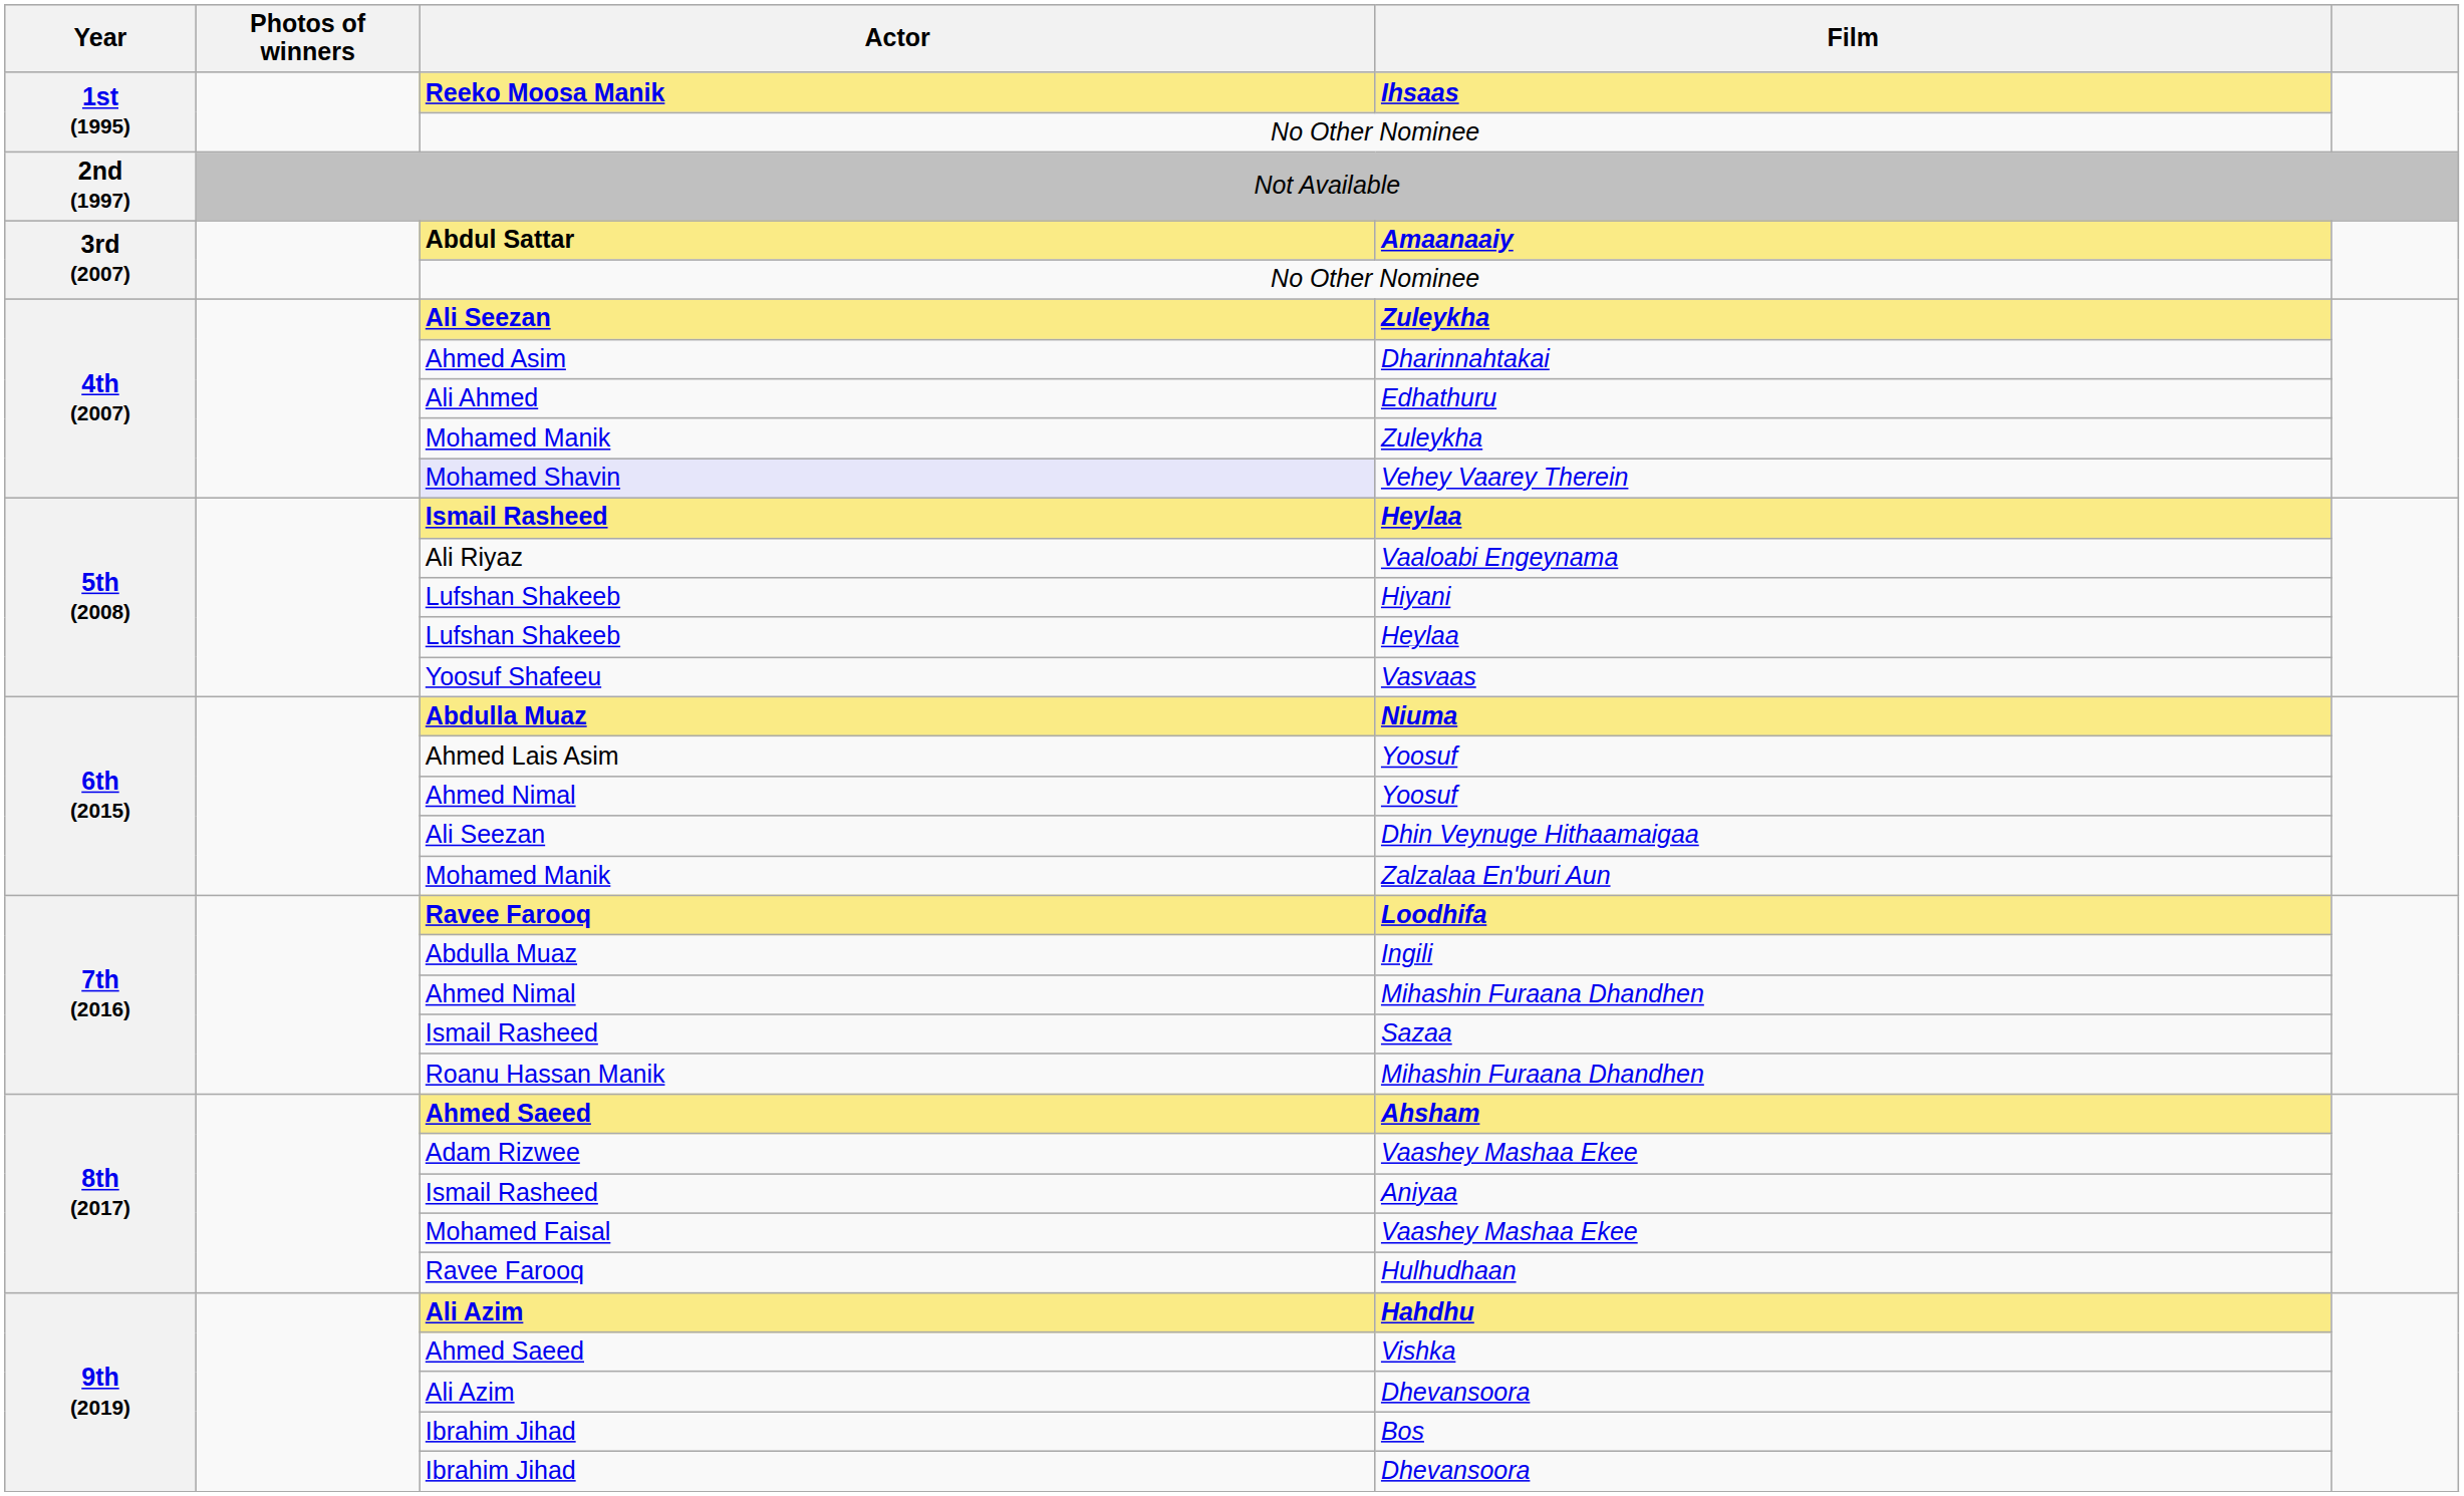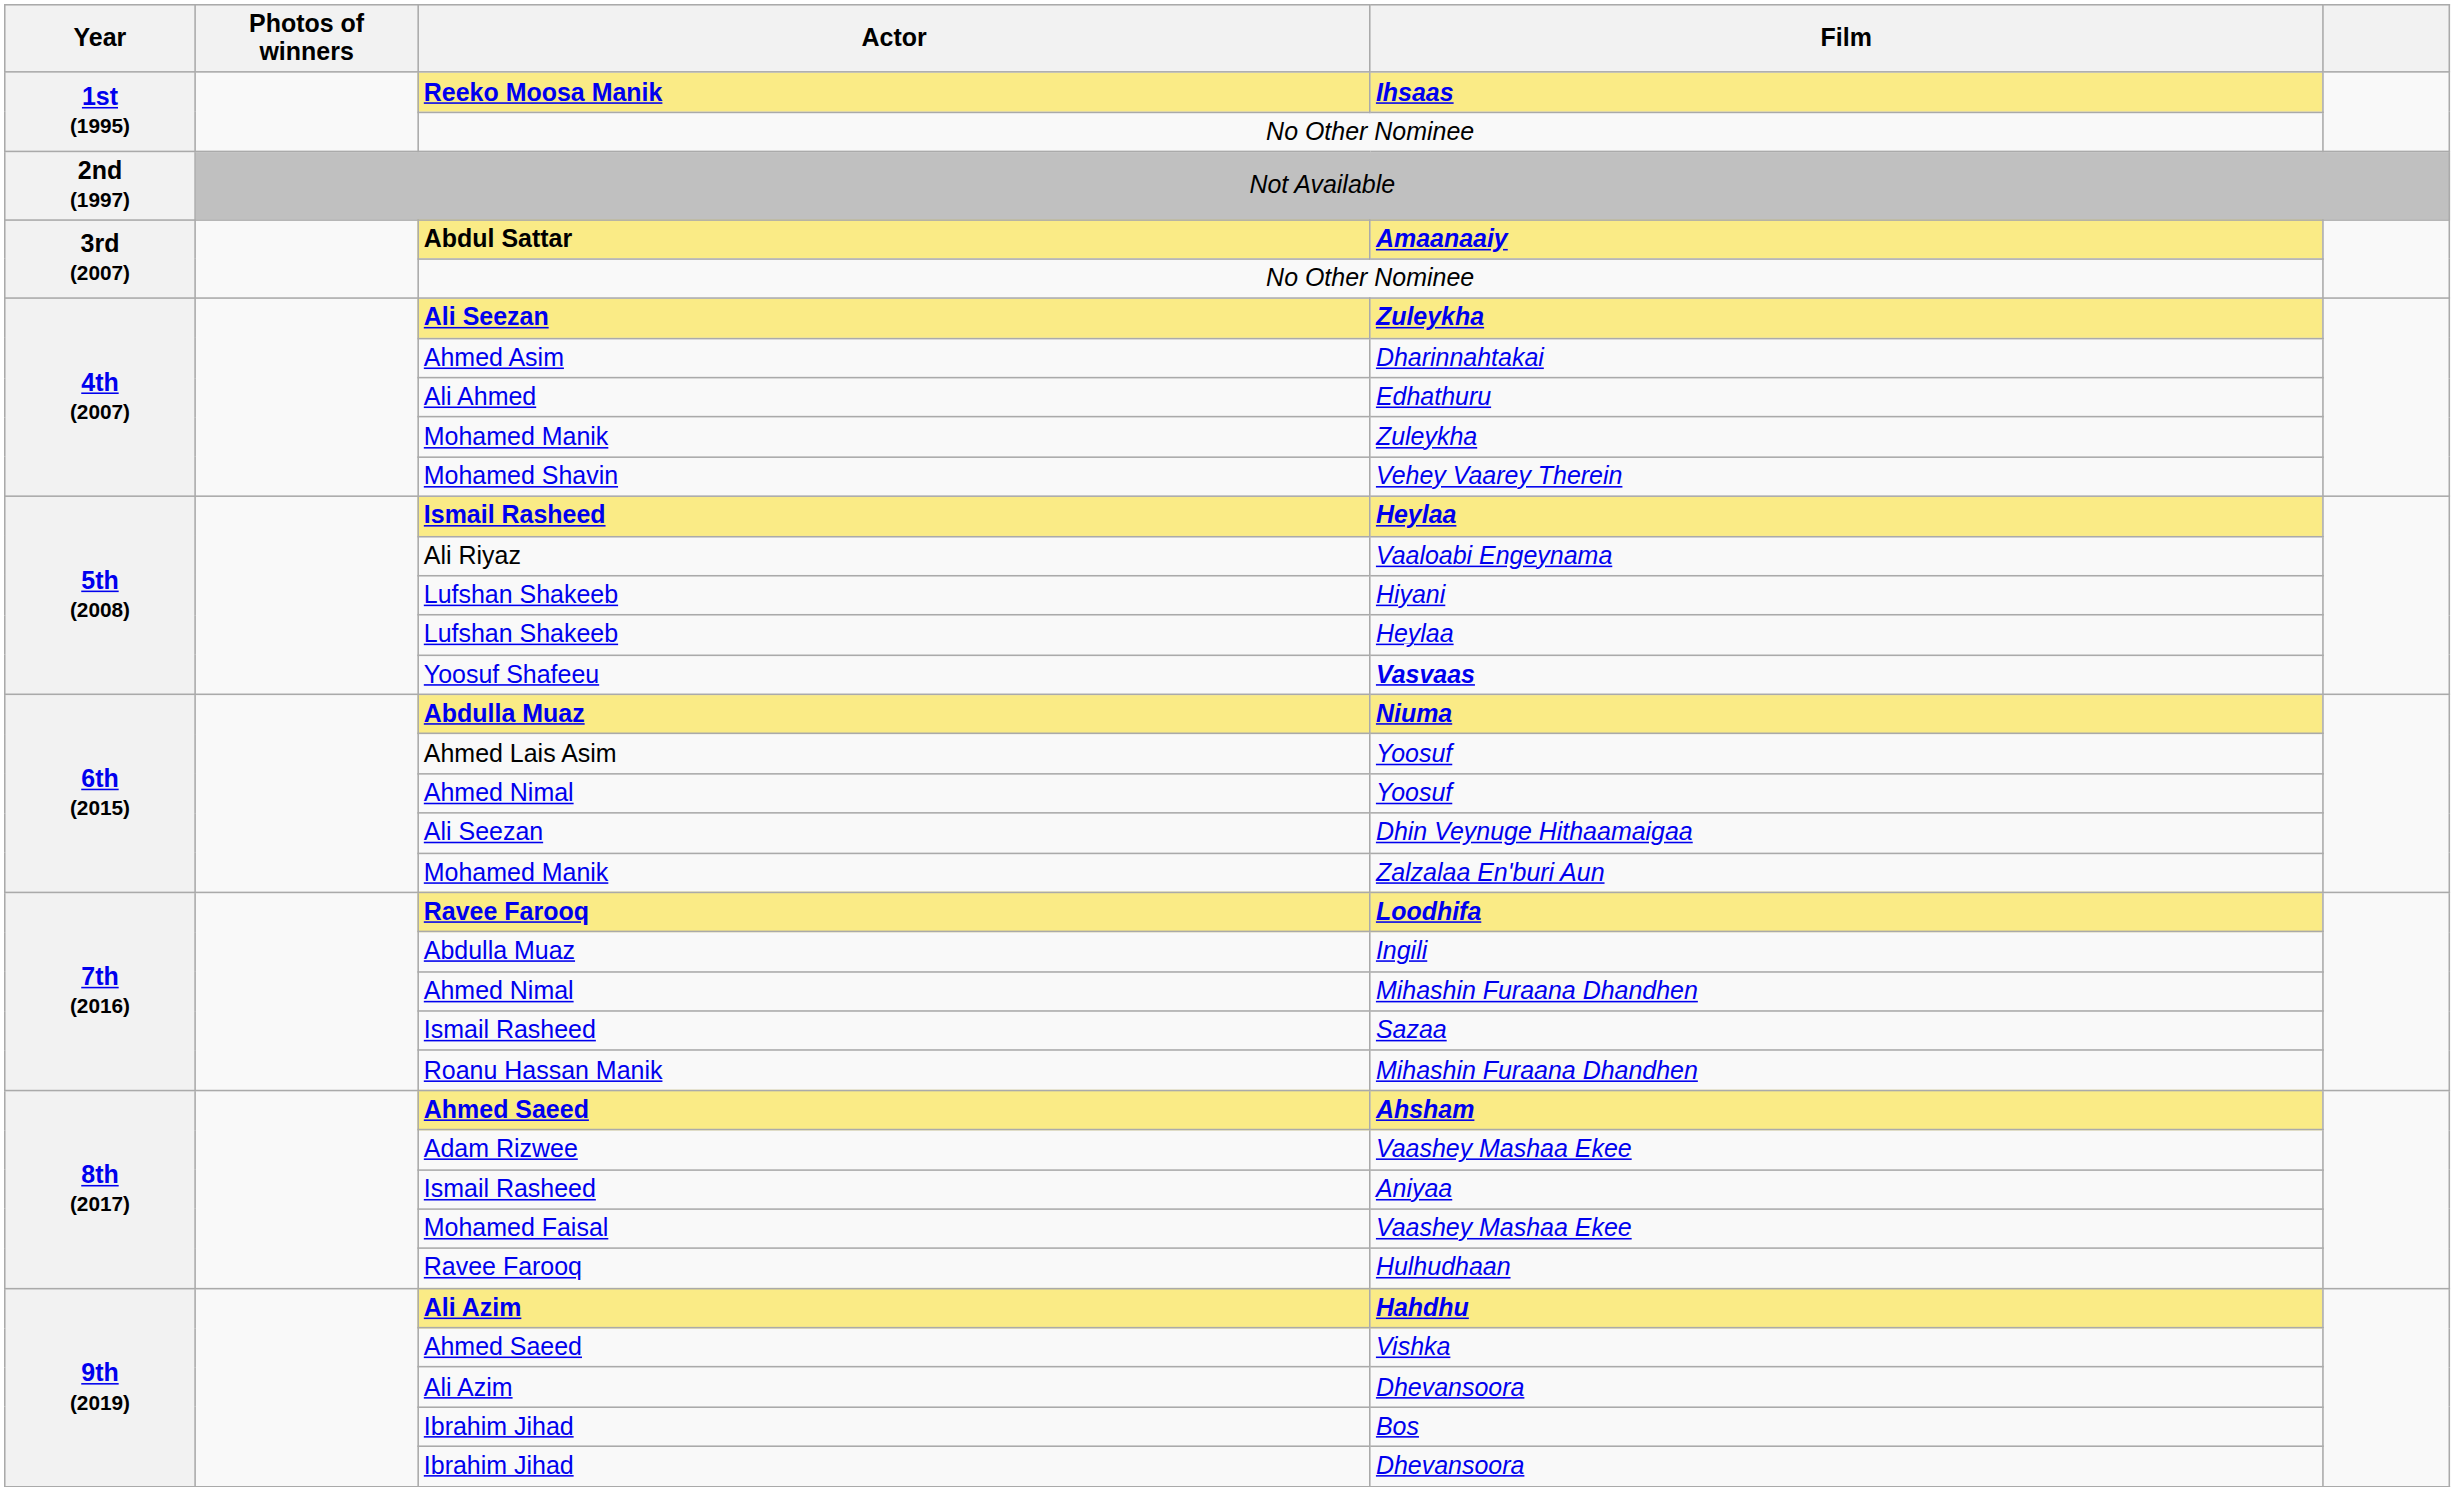 <table class="wikitable sortable" style="text-align:left;">
 <tr>
 <th scope="col" style="width:3%; text-align:center;">Year</th>
 <th scope="col" style="width:3%;text-align:center;">Photos of winners</th>
 <th scope="col" style="width:15%;text-align:center;">Actor</th>
 <th scope="col" style="width:15%;text-align:center;">Film</th>
 <th scope="col" style="width:2%" class="unsortable"></th>
 </tr>
 <tr>
 <th scope="row" rowspan=2 style="text-align:center"><a href='#'>1st</a><br><small>(1995)</small></th>
 <td rowspan=2 style="text-align:center"></td>
 <td style="background:#FAEB86;"><strong><a href='#'>Reeko Moosa Manik</a></strong></td>
 <td style="background:#FAEB86;"><strong><em><a href='#'>Ihsaas</a></em></strong></td>
 <td rowspan=2 style="text-align: center;"></td>
 </tr>
 <tr>
 <td colspan=2 style="text-align:center"><em>No Other Nominee</em></td>
 </tr>
 <tr>
 <th scope="row" style="text-align:center">2nd<br><small>(1997)</small></th>
 <td bgcolor="#C0C0C0" align="center" colspan="4"><em>Not Available</em></td>
 </tr>
 <tr>
 <th scope="row" rowspan=2 style="text-align:center">3rd<br><small>(2007)</small></th>
 <td rowspan=2 style="text-align:center"></td>
 <td style="background:#FAEB86;"><strong>Abdul Sattar</strong></td>
 <td style="background:#FAEB86;"><strong><em><a href='#'>Amaanaaiy</a></em></strong></td>
 <td rowspan=2 style="text-align: center;"></td>
 </tr>
 <tr>
 <td colspan=2 style="text-align:center"><em>No Other Nominee</em></td>
 </tr>
 <tr>
 <th scope="row" rowspan=5 style="text-align:center"><a href='#'>4th</a><br><small>(2007)</small></th>
 <td rowspan=5 style="text-align:center"></td>
 <td style="background:#FAEB86;"><strong><a href='#'>Ali Seezan</a></strong></td>
 <td style="background:#FAEB86;"><strong><em><a href='#'>Zuleykha</a></em></strong></td>
 <td rowspan=5 style="text-align: center;"></td>
 </tr>
 <tr>
 <td><a href='#'>Ahmed Asim</a></td>
 <td><em><a href='#'>Dharinnahtakai</a></em></td>
 </tr>
 <tr>
 <td><a href='#'>Ali Ahmed</a></td>
 <td><em><a href='#'>Edhathuru</a></em></td>
 </tr>
 <tr>
 <td><a href='#'>Mohamed Manik</a></td>
 <td><em><a href='#'>Zuleykha</a></em></td>
 </tr>
 <tr>
-<td style="background: lavender;"><a href='#'>Mohamed Shavin</a></td>
+<td><a href='#'>Mohamed Shavin</a></td>
 <td><em><a href='#'>Vehey Vaarey Therein</a></em></td>
 </tr>
 <tr>
 <th scope="row" rowspan=5 style="text-align:center"><a href='#'>5th</a><br><small>(2008)</small></th>
 <td rowspan=5 style="text-align:center"></td>
 <td style="background:#FAEB86;"><strong><a href='#'>Ismail Rasheed</a></strong></td>
 <td style="background:#FAEB86;"><strong><em><a href='#'>Heylaa</a></em></strong></td>
 <td rowspan=5 style="text-align: center;"></td>
 </tr>
 <tr>
 <td>Ali Riyaz</td>
 <td><em><a href='#'>Vaaloabi Engeynama</a></em></td>
 </tr>
 <tr>
 <td><a href='#'>Lufshan Shakeeb</a></td>
 <td><em><a href='#'>Hiyani</a></em></td>
 </tr>
 <tr>
 <td><a href='#'>Lufshan Shakeeb</a></td>
 <td><em><a href='#'>Heylaa</a></em></td>
 </tr>
 <tr>
 <td><a href='#'>Yoosuf Shafeeu</a></td>
-<td><em><a href='#'>Vasvaas</a></em></td>
+<td><strong><em><a href='#'>Vasvaas</a></em></strong></td>
 </tr>
 <tr>
 <th scope="row" rowspan=5 style="text-align:center"><a href='#'>6th</a><br><small>(2015)</small></th>
 <td rowspan=5 style="text-align:center"></td>
 <td style="background:#FAEB86;"><strong><a href='#'>Abdulla Muaz</a></strong></td>
 <td style="background:#FAEB86;"><strong><em><a href='#'>Niuma</a></em></strong></td>
 <td rowspan=5 style="text-align: center;"></td>
 </tr>
 <tr>
 <td>Ahmed Lais Asim</td>
 <td><em><a href='#'>Yoosuf</a></em></td>
 </tr>
 <tr>
 <td><a href='#'>Ahmed Nimal</a></td>
 <td><em><a href='#'>Yoosuf</a></em></td>
 </tr>
 <tr>
 <td><a href='#'>Ali Seezan</a></td>
 <td><em><a href='#'>Dhin Veynuge Hithaamaigaa</a></em></td>
 </tr>
 <tr>
 <td><a href='#'>Mohamed Manik</a></td>
 <td><em><a href='#'>Zalzalaa En'buri Aun</a></em></td>
 </tr>
 <tr>
 <th scope="row" rowspan=5 style="text-align:center"><a href='#'>7th</a><br><small>(2016)</small></th>
 <td rowspan=5 style="text-align:center"></td>
 <td style="background:#FAEB86;"><strong> <a href='#'>Ravee Farooq</a></strong></td>
 <td style="background:#FAEB86;"><strong><em><a href='#'>Loodhifa</a></em></strong></td>
 <td rowspan=5 style="text-align: center;"></td>
 </tr>
 <tr>
 <td><a href='#'>Abdulla Muaz</a></td>
 <td><em><a href='#'>Ingili</a></em></td>
 </tr>
 <tr>
 <td><a href='#'>Ahmed Nimal</a></td>
 <td><em><a href='#'>Mihashin Furaana Dhandhen</a></em></td>
 </tr>
 <tr>
 <td><a href='#'>Ismail Rasheed</a></td>
 <td><em><a href='#'>Sazaa</a></em></td>
 </tr>
 <tr>
 <td><a href='#'>Roanu Hassan Manik</a></td>
 <td><em><a href='#'>Mihashin Furaana Dhandhen</a></em></td>
 </tr>
 <tr>
 <th scope="row" rowspan=5 style="text-align:center"><a href='#'>8th</a><br><small>(2017)</small></th>
 <td rowspan=5 style="text-align:center"></td>
 <td style="background:#FAEB86;"><strong><a href='#'>Ahmed Saeed</a></strong></td>
 <td style="background:#FAEB86;"><strong><em><a href='#'>Ahsham</a></em></strong></td>
 <td rowspan=5 style="text-align: center;"></td>
 </tr>
 <tr>
 <td><a href='#'>Adam Rizwee</a></td>
 <td><em><a href='#'>Vaashey Mashaa Ekee</a></em></td>
 </tr>
 <tr>
 <td><a href='#'>Ismail Rasheed</a></td>
 <td><em><a href='#'>Aniyaa</a></em></td>
 </tr>
 <tr>
 <td><a href='#'>Mohamed Faisal</a></td>
 <td><em><a href='#'>Vaashey Mashaa Ekee</a></em></td>
 </tr>
 <tr>
 <td><a href='#'>Ravee Farooq</a></td>
 <td><em><a href='#'>Hulhudhaan</a></em></td>
 </tr>
 <tr>
 <th scope="row" rowspan=5 style="text-align:center"><a href='#'>9th</a><br><small>(2019)</small></th>
 <td rowspan=5 style="text-align:center"></td>
 <td style="background:#FAEB86;"><strong><a href='#'>Ali Azim</a></strong></td>
 <td style="background:#FAEB86;"><strong><em><a href='#'>Hahdhu</a></em></strong></td>
 <td rowspan=5 style="text-align: center;"></td>
 </tr>
 <tr>
 <td><a href='#'>Ahmed Saeed</a></td>
 <td><em><a href='#'>Vishka</a></em></td>
 </tr>
 <tr>
 <td><a href='#'>Ali Azim</a></td>
 <td><em><a href='#'>Dhevansoora</a></em></td>
 </tr>
 <tr>
 <td><a href='#'>Ibrahim Jihad</a></td>
 <td><em><a href='#'>Bos</a></em></td>
 </tr>
 <tr>
 <td><a href='#'>Ibrahim Jihad</a></td>
 <td><em><a href='#'>Dhevansoora</a></em></td>
 </tr>
 <tr>
 </tr>
 </table>
